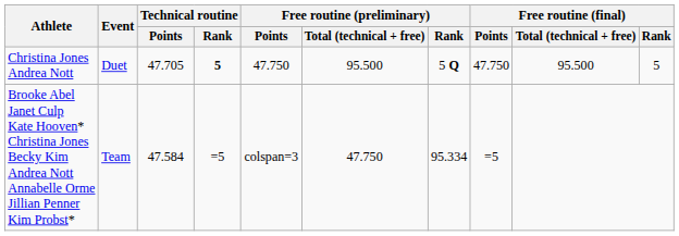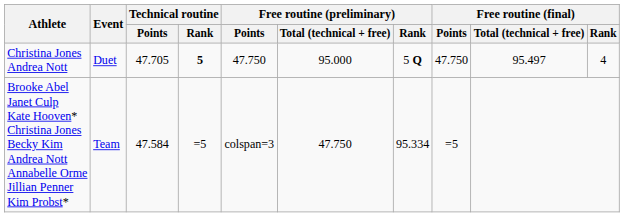 <table class=wikitable style=font-size:90%;text-align:center>
 <tr>
 <th rowspan=2>Athlete</th>
 <th rowspan=2>Event</th>
 <th colspan=2>Technical routine</th>
 <th colspan=3>Free routine (preliminary)</th>
 <th colspan=3>Free routine (final)</th>
 </tr>
 <tr style=font-size:95%>
 <th>Points</th>
 <th>Rank</th>
 <th>Points</th>
 <th>Total (technical + free)</th>
 <th>Rank</th>
 <th>Points</th>
 <th>Total (technical + free)</th>
 <th>Rank</th>
 </tr>
 <tr>
 <td align=left><a href='#'>Christina Jones</a><br><a href='#'>Andrea Nott</a></td>
 <td align=left><a href='#'>Duet</a></td>
 <td>47.705</td>
 <td><strong>5</strong></td>
 <td>47.750</td>
-<td>95.500</td>
+<td>95.000</td>
 <td>5 <strong>Q</strong></td>
 <td>47.750</td>
-<td>95.500</td>
-<td>5</td>
+<td>95.497</td>
+<td>4</td>
 </tr>
 <tr>
 <td align=left><a href='#'>Brooke Abel</a><br><a href='#'>Janet Culp</a><br><a href='#'>Kate Hooven</a>*<br><a href='#'>Christina Jones</a><br><a href='#'>Becky Kim</a><br><a href='#'>Andrea Nott</a><br><a href='#'>Annabelle Orme</a><br><a href='#'>Jillian Penner</a><br><a href='#'>Kim Probst</a>*</td>
 <td align=left><a href='#'>Team</a></td>
 <td>47.584</td>
 <td>=5</td>
 <td>colspan=3 </td>
 <td>47.750</td>
 <td>95.334</td>
 <td>=5</td>
 </tr>
 </table>
